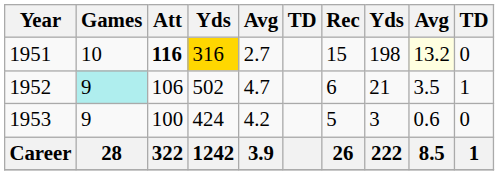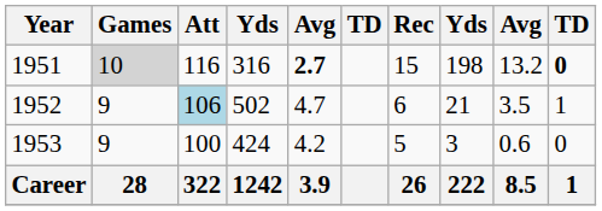 <table class="wikitable">
 <tr>
 <th>Year</th>
 <th>Games</th>
 <th>Att</th>
 <th>Yds</th>
 <th>Avg</th>
 <th>TD</th>
 <th>Rec</th>
 <th>Yds</th>
 <th>Avg</th>
 <th>TD</th>
 </tr>
 <tr>
 <td>1951</td>
-<td>10</td>
-<td><strong>116</strong></td>
-<td style="background: gold;">316</td>
-<td>2.7</td>
+<td style="background: lightgrey;">10</td>
+<td>116</td>
+<td>316</td>
+<td><strong>2.7</strong></td>
 <td></td>
 <td>15</td>
 <td>198</td>
-<td style="background: lightyellow;">13.2</td>
-<td>0</td>
+<td>13.2</td>
+<td><strong>0</strong></td>
 </tr>
 <tr>
 <td>1952</td>
-<td style="background: paleturquoise;">9</td>
-<td>106</td>
+<td>9</td>
+<td style="background: lightblue;">106</td>
 <td>502</td>
 <td>4.7</td>
 <td></td>
 <td>6</td>
 <td>21</td>
 <td>3.5</td>
 <td>1</td>
 </tr>
 <tr>
 <td>1953</td>
 <td>9</td>
 <td>100</td>
 <td>424</td>
 <td>4.2</td>
 <td></td>
 <td>5</td>
 <td>3</td>
 <td>0.6</td>
 <td>0</td>
 </tr>
 <tr>
 <th>Career</th>
 <th>28</th>
 <th>322</th>
 <th>1242</th>
 <th>3.9</th>
 <th></th>
 <th>26</th>
 <th>222</th>
 <th>8.5</th>
 <th>1</th>
 </tr>
 <tr>
 </tr>
 </table>
